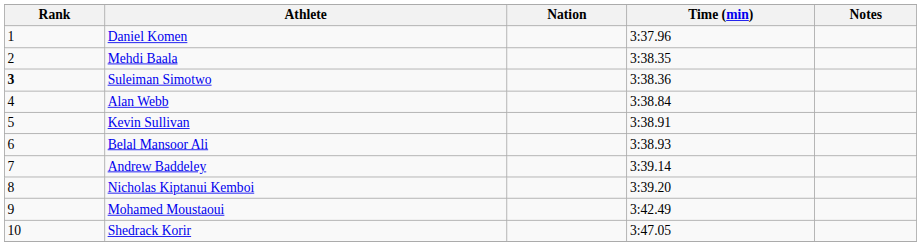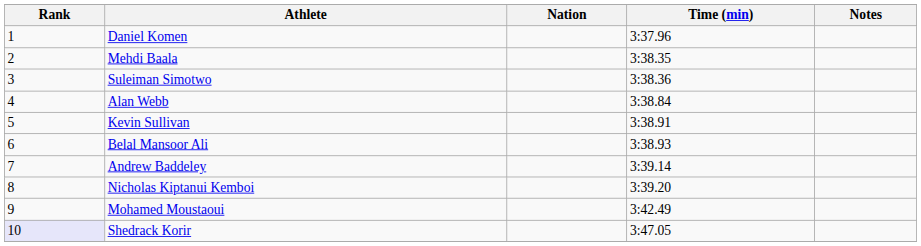 <table class="wikitable" width=85%>
 <tr>
 </tr>
 <tr>
 <th>Rank</th>
 <th>Athlete</th>
 <th>Nation</th>
 <th>Time (<a href='#'>min</a>)</th>
 <th>Notes</th>
 </tr>
 <tr>
 <td>1</td>
 <td><a href='#'>Daniel Komen</a></td>
 <td></td>
 <td>3:37.96</td>
 <td></td>
 </tr>
 <tr>
 <td>2</td>
 <td><a href='#'>Mehdi Baala</a></td>
 <td></td>
 <td>3:38.35</td>
 <td></td>
 </tr>
 <tr>
-<td><strong>3</strong></td>
+<td>3</td>
 <td><a href='#'>Suleiman Simotwo</a></td>
 <td></td>
 <td>3:38.36</td>
 <td></td>
 </tr>
 <tr>
 <td>4</td>
 <td><a href='#'>Alan Webb</a></td>
 <td></td>
 <td>3:38.84</td>
 <td></td>
 </tr>
 <tr>
 <td>5</td>
 <td><a href='#'>Kevin Sullivan</a></td>
 <td></td>
 <td>3:38.91</td>
 <td></td>
 </tr>
 <tr>
 <td>6</td>
 <td><a href='#'>Belal Mansoor Ali</a></td>
 <td></td>
 <td>3:38.93</td>
 <td></td>
 </tr>
 <tr>
 <td>7</td>
 <td><a href='#'>Andrew Baddeley</a></td>
 <td></td>
 <td>3:39.14</td>
 <td></td>
 </tr>
 <tr>
 <td>8</td>
 <td><a href='#'>Nicholas Kiptanui Kemboi</a></td>
 <td></td>
 <td>3:39.20</td>
 <td></td>
 </tr>
 <tr>
 <td>9</td>
 <td><a href='#'>Mohamed Moustaoui</a></td>
 <td></td>
 <td>3:42.49</td>
 <td></td>
 </tr>
 <tr>
-<td>10</td>
+<td style="background: lavender;">10</td>
 <td><a href='#'>Shedrack Korir</a></td>
 <td></td>
 <td>3:47.05</td>
 <td></td>
 </tr>
 <tr>
 </tr>
 </table>
